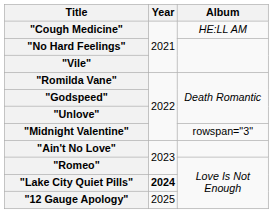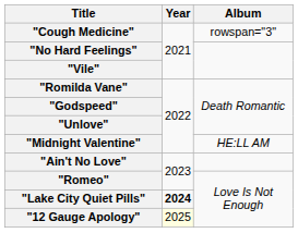 <table class="wikitable plainrowheaders" style="text-align:center;" border="1">
 <tr>
 <th scope="col" style="width:13em;">Title</th>
 <th scope="col" style="width:1em;">Year</th>
 <th scope="col" style="width:8em;">Album</th>
 </tr>
 <tr>
 <th scope="row">"Cough Medicine"</th>
 <td rowspan="3">2021</td>
-<td><em>HE:LL AM</em></td>
+<td>rowspan="3" </td>
 </tr>
 <tr>
 <th scope="row">"No Hard Feelings"</th>
 </tr>
 <tr>
 <th scope="row">"Vile"</th>
 </tr>
 <tr>
 <th scope="row">"Romilda Vane"</th>
 <td rowspan="4">2022</td>
 <td rowspan="3"><em>Death Romantic</em></td>
 </tr>
 <tr>
 <th scope="row">"Godspeed"</th>
 </tr>
 <tr>
 <th scope="row">"Unlove"</th>
 </tr>
 <tr>
 <th scope="row">"Midnight Valentine"</th>
-<td>rowspan="3" </td>
+<td><em>HE:LL AM</em></td>
 </tr>
 <tr>
 <th scope="row">"Ain't No Love"</th>
 <td rowspan="2">2023</td>
 <td></td>
 </tr>
 <tr>
 <th scope="row">"Romeo"</th>
 <td rowspan="3"><em>Love Is Not Enough</em></td>
 </tr>
 <tr>
 <th scope="row">"Lake City Quiet Pills"</th>
 <td><strong>2024</strong></td>
 </tr>
 <tr>
 <th scope="row">"12 Gauge Apology"</th>
-<td>2025</td>
+<td style="background: lightyellow;">2025</td>
 </tr>
 </table>
